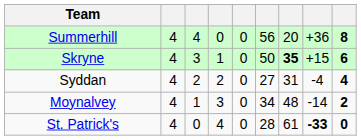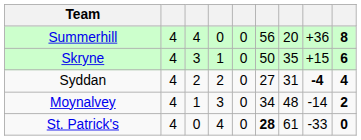 <table class="wikitable" style="text-align:center">
 <tr>
 <th style="width:175px;">Team</th>
 <th width="20"></th>
 <th width="20"></th>
 <th width="20"></th>
 <th width="20"></th>
 <th width="20"></th>
 <th width="20"></th>
 <th width="20"></th>
 <th width="20"></th>
 </tr>
 <tr style="background:#cfc;">
 <td><a href='#'>Summerhill</a></td>
 <td>4</td>
 <td>4</td>
 <td>0</td>
 <td>0</td>
 <td>56</td>
 <td>20</td>
 <td>+36</td>
 <td><strong>8</strong></td>
 </tr>
 <tr style="background:#cfc;">
 <td><a href='#'>Skryne</a></td>
 <td>4</td>
 <td>3</td>
 <td>1</td>
 <td>0</td>
 <td>50</td>
-<td><strong>35</strong></td>
+<td>35</td>
 <td>+15</td>
 <td><strong>6</strong></td>
 </tr>
 <tr>
 <td>Syddan</td>
 <td>4</td>
 <td>2</td>
 <td>2</td>
 <td>0</td>
 <td>27</td>
 <td>31</td>
-<td>-4</td>
+<td><strong>-4</strong></td>
 <td><strong>4</strong></td>
 </tr>
 <tr>
 <td><a href='#'>Moynalvey</a></td>
 <td>4</td>
 <td>1</td>
 <td>3</td>
 <td>0</td>
 <td>34</td>
 <td>48</td>
 <td>-14</td>
 <td><strong>2</strong></td>
 </tr>
 <tr>
 <td><a href='#'>St. Patrick's</a></td>
 <td>4</td>
 <td>0</td>
 <td>4</td>
 <td>0</td>
-<td>28</td>
+<td><strong>28</strong></td>
 <td>61</td>
-<td><strong>-33</strong></td>
+<td>-33</td>
 <td><strong>0</strong></td>
 </tr>
 </table>
